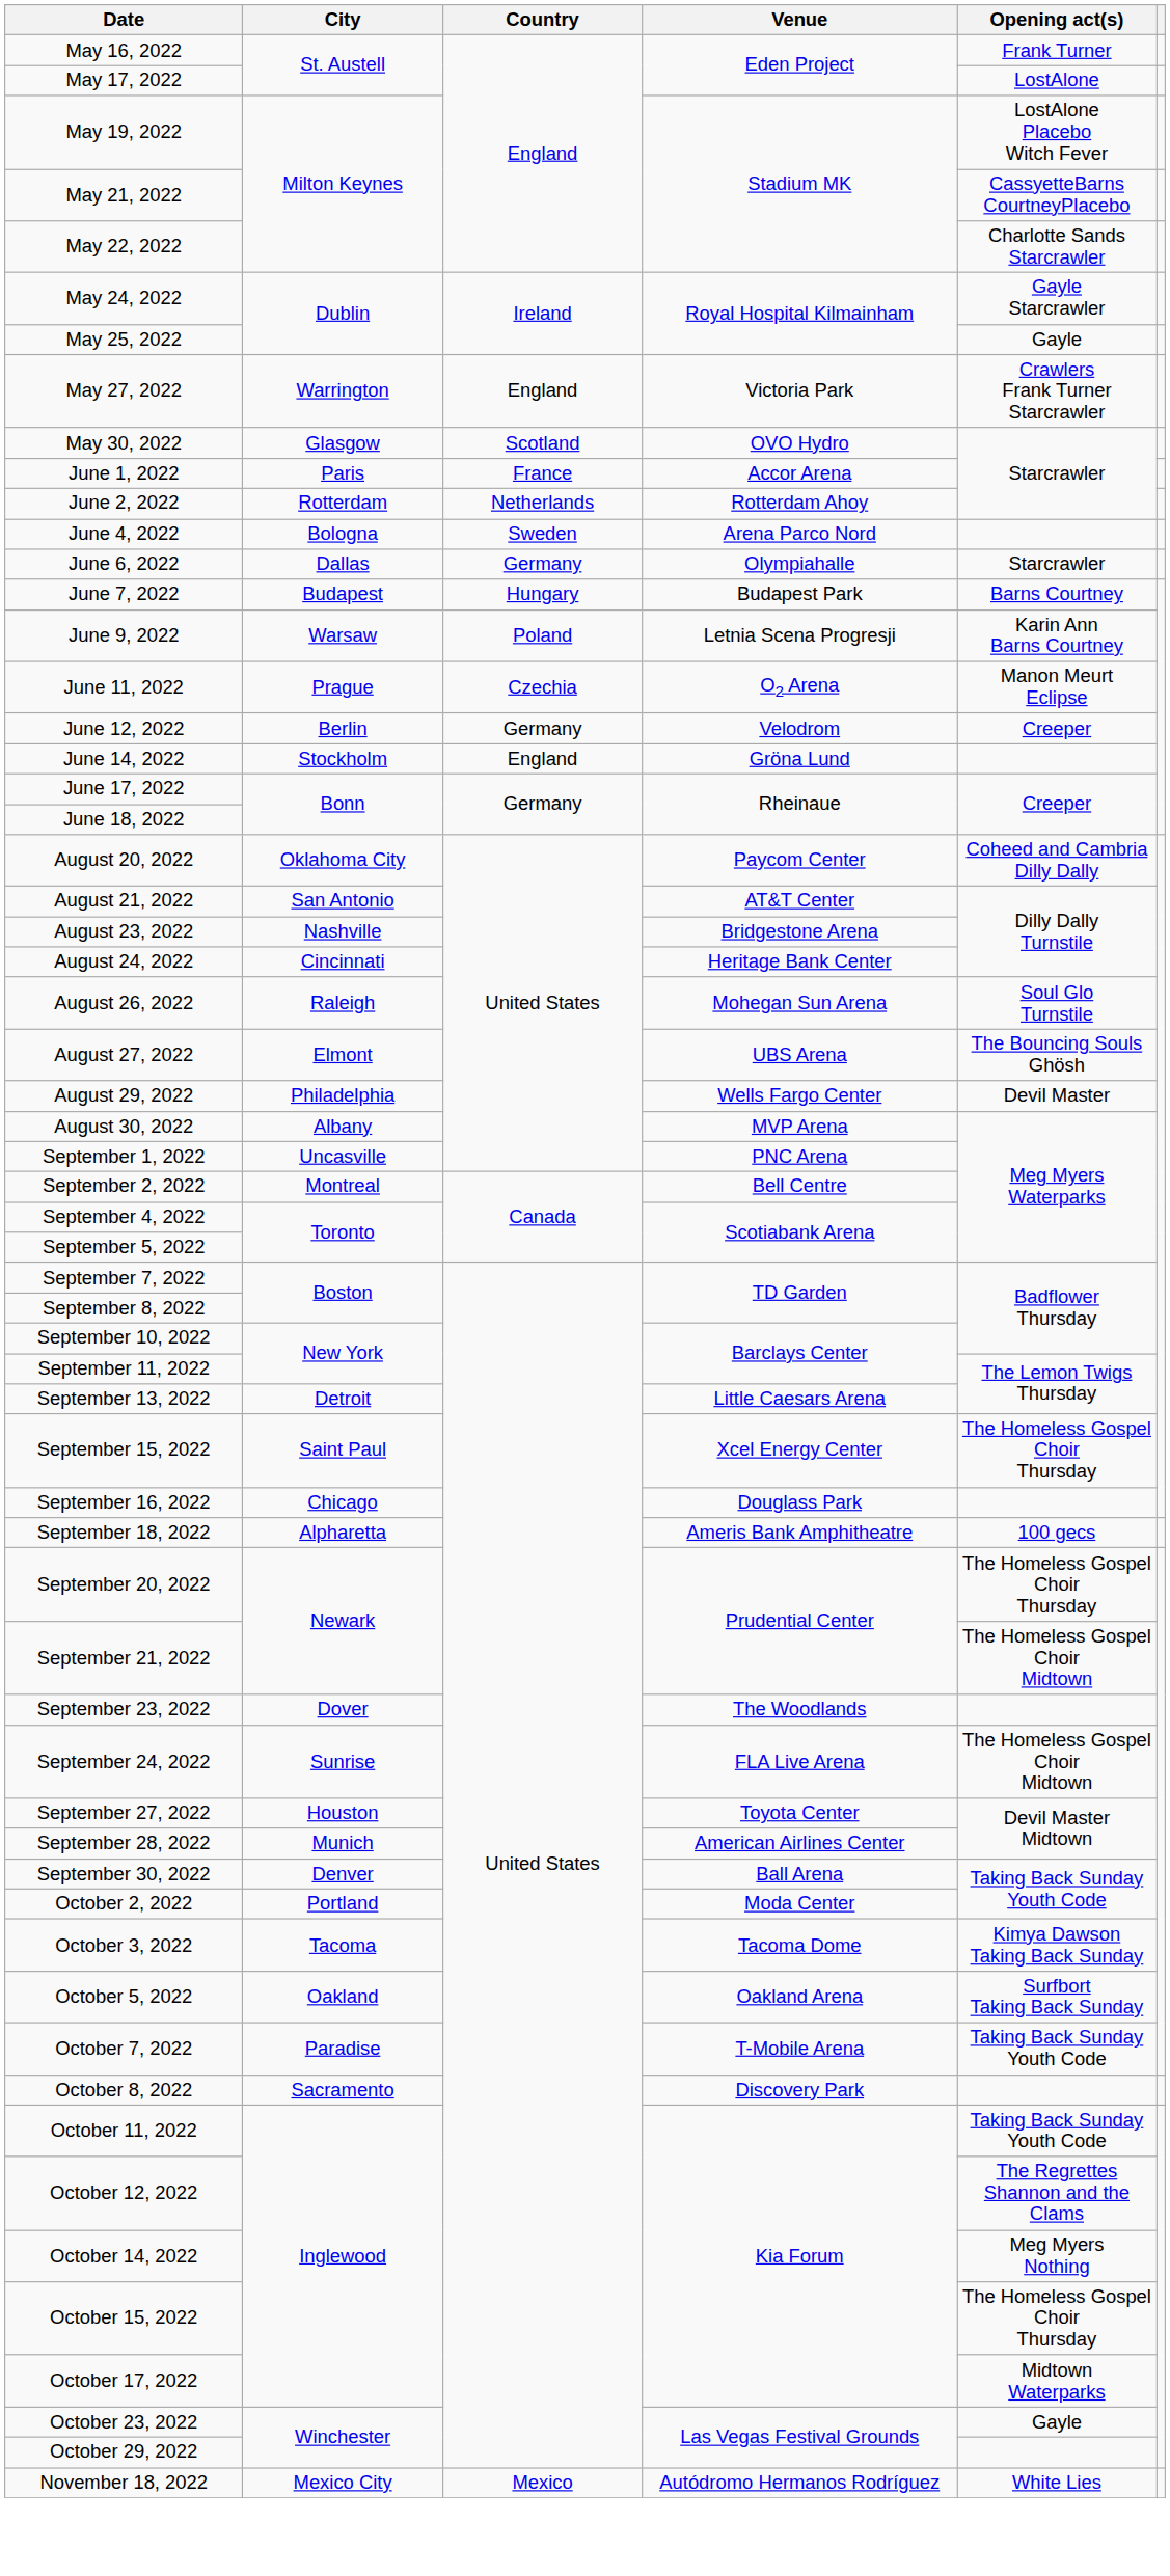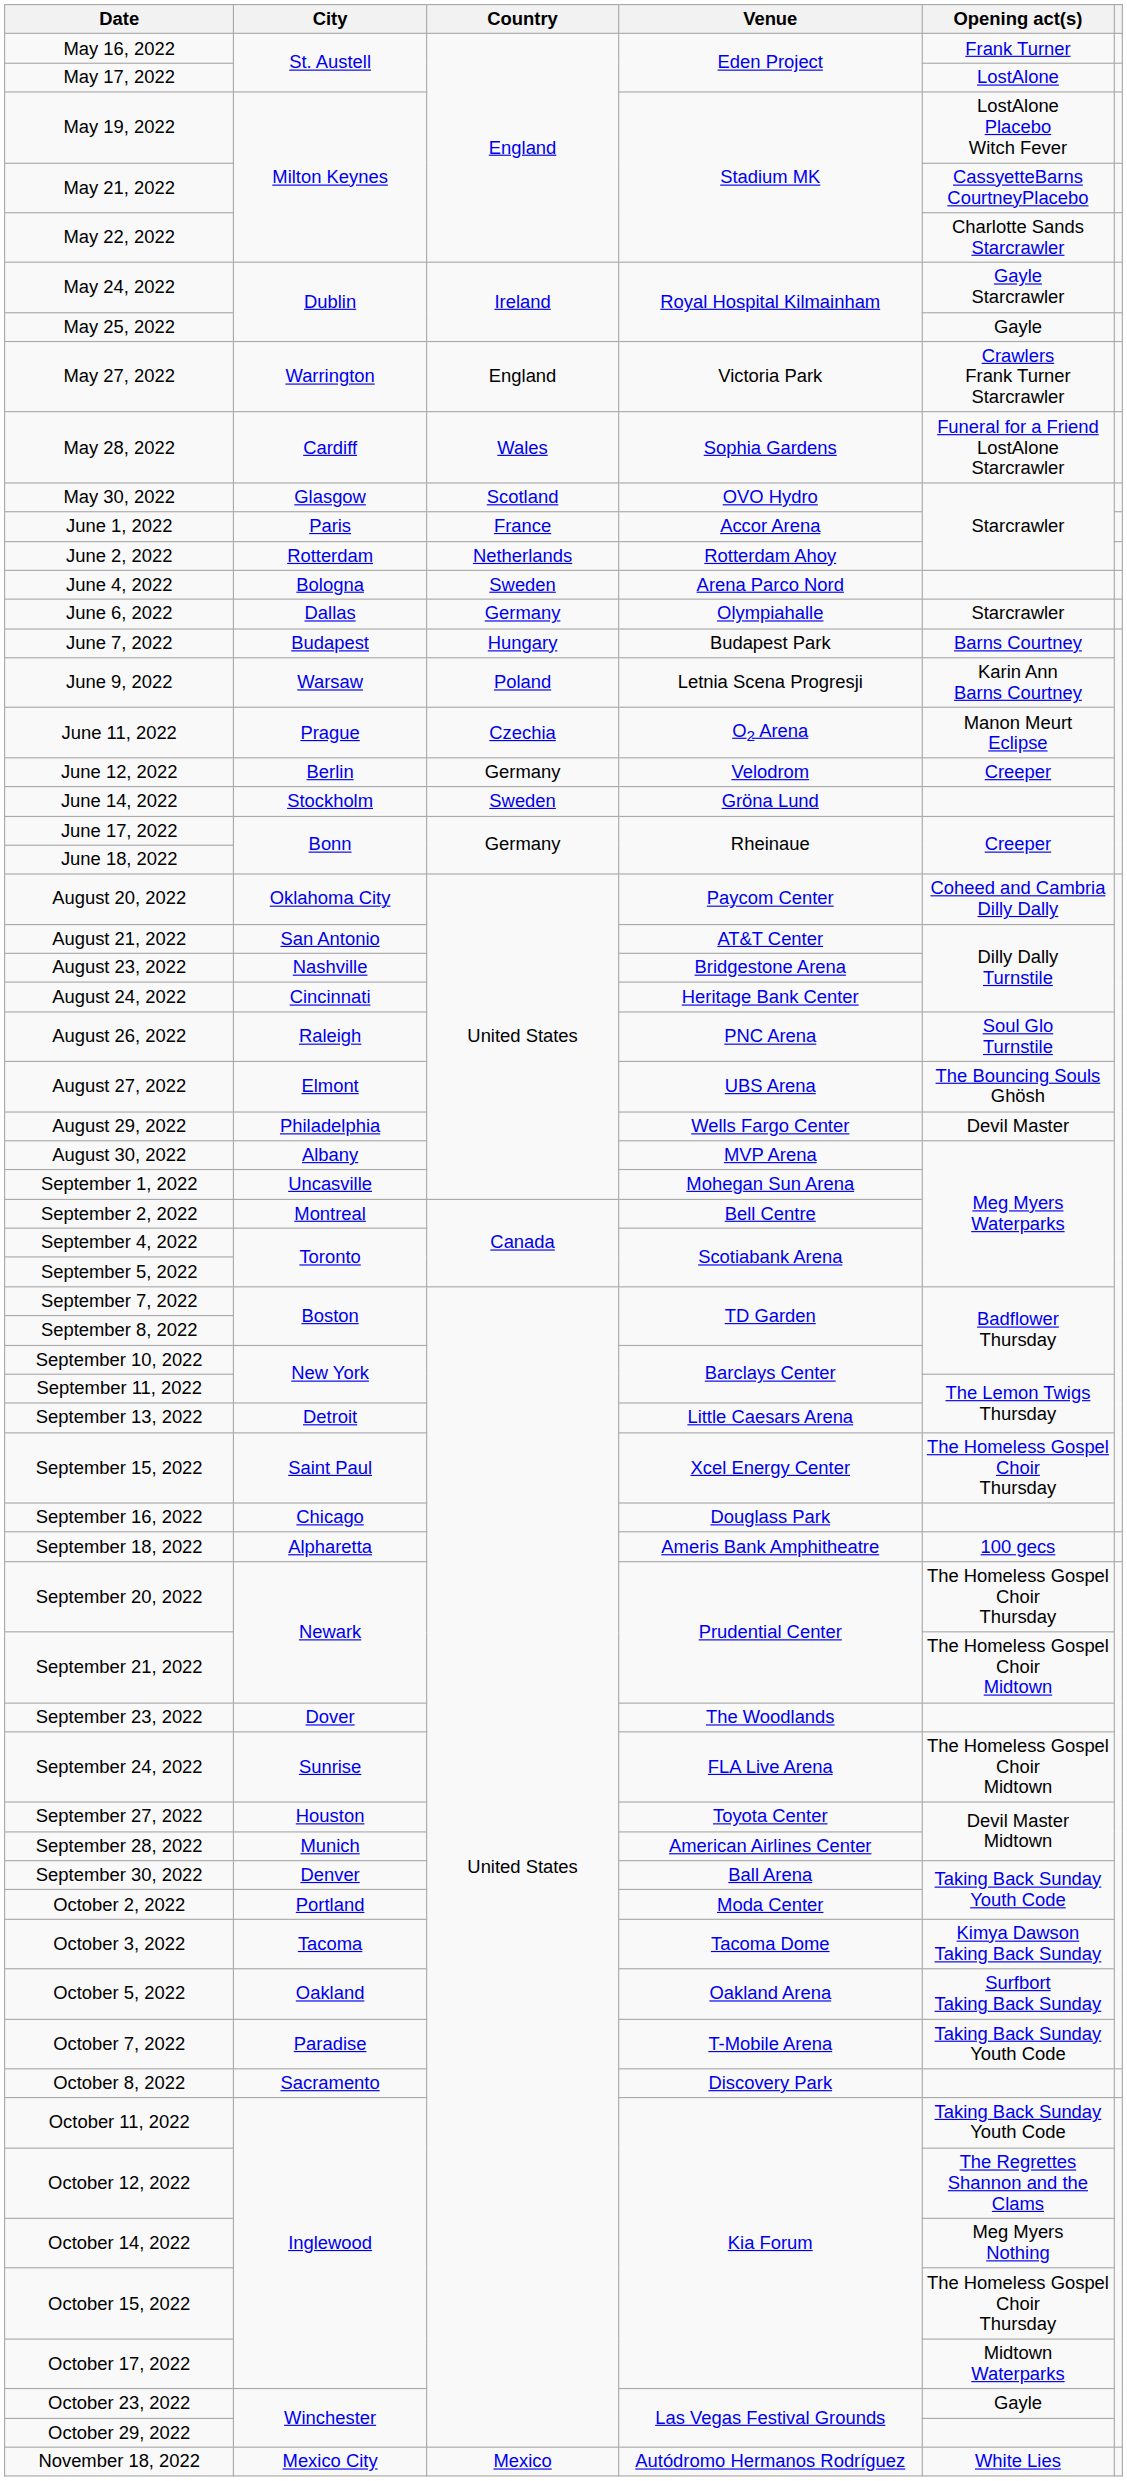 <table class="wikitable plainrowheaders" style="text-align:center;">
 <tr>
 <th scope="col" style="width:12em;">Date</th>
 <th scope="col" style="width:10em;">City</th>
 <th scope="col" style="width:10em;">Country</th>
 <th scope="col" style="width:16em;">Venue</th>
 <th scope="col" style="width:10em;">Opening act(s)</th>
 <th></th>
 </tr>
 <tr>
 <td>May 16, 2022</td>
 <td rowspan="2"><a href='#'>St. Austell</a></td>
 <td rowspan="5"><a href='#'>England</a></td>
 <td rowspan="2"><a href='#'>Eden Project</a></td>
 <td><a href='#'>Frank Turner</a></td>
 <td></td>
 </tr>
 <tr>
 <td>May 17, 2022</td>
 <td><a href='#'>LostAlone</a></td>
 <td></td>
 </tr>
 <tr>
 <td>May 19, 2022</td>
 <td rowspan="3"><a href='#'>Milton Keynes</a></td>
 <td rowspan="3"><a href='#'>Stadium MK</a></td>
 <td>LostAlone<br><a href='#'>Placebo</a><br>Witch Fever</td>
 <td></td>
 </tr>
 <tr>
 <td>May 21, 2022</td>
 <td><a href='#'>Cassyette</a><a href='#'>Barns Courtney</a><a href='#'>Placebo</a></td>
 <td></td>
 </tr>
 <tr>
 <td>May 22, 2022</td>
 <td>Charlotte Sands<br><a href='#'>Starcrawler</a></td>
 <td></td>
 </tr>
 <tr>
 <td>May 24, 2022</td>
 <td rowspan="2"><a href='#'>Dublin</a></td>
 <td rowspan="2"><a href='#'>Ireland</a></td>
 <td rowspan="2"><a href='#'>Royal Hospital Kilmainham</a></td>
 <td><a href='#'>Gayle</a><br>Starcrawler</td>
 <td></td>
 </tr>
 <tr>
 <td>May 25, 2022</td>
 <td>Gayle</td>
 <td></td>
 </tr>
 <tr>
 <td>May 27, 2022</td>
 <td><a href='#'>Warrington</a></td>
 <td>England</td>
 <td>Victoria Park</td>
 <td><a href='#'>Crawlers</a><br>Frank Turner<br>Starcrawler</td>
+<td></td>
+</tr>
+<tr>
+<td>May 28, 2022</td>
+<td><a href='#'>Cardiff</a></td>
+<td><a href='#'>Wales</a></td>
+<td><a href='#'>Sophia Gardens</a></td>
+<td><a href='#'>Funeral for a Friend</a><br>LostAlone<br>Starcrawler</td>
 <td></td>
 </tr>
 <tr>
 <td>May 30, 2022</td>
 <td><a href='#'>Glasgow</a></td>
 <td><a href='#'>Scotland</a></td>
 <td><a href='#'>OVO Hydro</a></td>
 <td rowspan="3">Starcrawler</td>
 <td></td>
 </tr>
 <tr>
 <td>June 1, 2022</td>
 <td><a href='#'>Paris</a></td>
 <td><a href='#'>France</a></td>
 <td><a href='#'>Accor Arena</a></td>
 <td></td>
 </tr>
 <tr>
 <td>June 2, 2022</td>
 <td><a href='#'>Rotterdam</a></td>
 <td><a href='#'>Netherlands</a></td>
 <td><a href='#'>Rotterdam Ahoy</a></td>
 <td></td>
 </tr>
 <tr>
 <td>June 4, 2022</td>
 <td><a href='#'>Bologna</a></td>
 <td><a href='#'>Sweden</a></td>
 <td><a href='#'>Arena Parco Nord</a></td>
 <td></td>
 <td></td>
 </tr>
 <tr>
 <td>June 6, 2022</td>
 <td><a href='#'>Dallas</a></td>
 <td><a href='#'>Germany</a></td>
 <td><a href='#'>Olympiahalle</a></td>
 <td>Starcrawler</td>
 <td></td>
 </tr>
 <tr>
 <td>June 7, 2022</td>
 <td><a href='#'>Budapest</a></td>
 <td><a href='#'>Hungary</a></td>
 <td>Budapest Park</td>
 <td><a href='#'>Barns Courtney</a></td>
 <td rowspan="7"></td>
 </tr>
 <tr>
 <td>June 9, 2022</td>
 <td><a href='#'>Warsaw</a></td>
 <td><a href='#'>Poland</a></td>
 <td>Letnia Scena Progresji</td>
 <td>Karin Ann<br><a href='#'>Barns Courtney</a></td>
 </tr>
 <tr>
 <td>June 11, 2022</td>
 <td><a href='#'>Prague</a></td>
 <td><a href='#'>Czechia</a></td>
 <td><a href='#'>O<sub>2</sub> Arena</a></td>
 <td>Manon Meurt<br><a href='#'>Eclipse</a></td>
 </tr>
 <tr>
 <td>June 12, 2022</td>
 <td><a href='#'>Berlin</a></td>
 <td>Germany</td>
 <td><a href='#'>Velodrom</a></td>
 <td><a href='#'>Creeper</a></td>
 </tr>
 <tr>
 <td>June 14, 2022</td>
 <td><a href='#'>Stockholm</a></td>
-<td>England</td>
+<td><a href='#'>Sweden</a></td>
 <td><a href='#'>Gröna Lund</a></td>
 <td></td>
 </tr>
 <tr>
 <td>June 17, 2022</td>
 <td rowspan="2"><a href='#'>Bonn</a></td>
 <td rowspan="2">Germany</td>
 <td rowspan="2">Rheinaue</td>
 <td rowspan="2"><a href='#'>Creeper</a></td>
 </tr>
 <tr>
 <td>June 18, 2022</td>
 </tr>
 <tr>
 <td>August 20, 2022</td>
 <td><a href='#'>Oklahoma City</a></td>
 <td rowspan="9">United States</td>
 <td><a href='#'>Paycom Center</a></td>
 <td><a href='#'>Coheed and Cambria</a><br><a href='#'>Dilly Dally</a></td>
 <td rowspan="19"></td>
 </tr>
 <tr>
 <td>August 21, 2022</td>
 <td><a href='#'>San Antonio</a></td>
 <td><a href='#'>AT&T Center</a></td>
 <td rowspan="3">Dilly Dally<br><a href='#'>Turnstile</a></td>
 </tr>
 <tr>
 <td>August 23, 2022</td>
 <td><a href='#'>Nashville</a></td>
 <td><a href='#'>Bridgestone Arena</a></td>
 </tr>
 <tr>
 <td>August 24, 2022</td>
 <td><a href='#'>Cincinnati</a></td>
 <td><a href='#'>Heritage Bank Center</a></td>
 </tr>
 <tr>
 <td>August 26, 2022</td>
 <td><a href='#'>Raleigh</a></td>
-<td><a href='#'>Mohegan Sun Arena</a></td>
+<td><a href='#'>PNC Arena</a></td>
 <td><a href='#'>Soul Glo</a><br><a href='#'>Turnstile</a></td>
 </tr>
 <tr>
 <td>August 27, 2022</td>
 <td><a href='#'>Elmont</a></td>
 <td><a href='#'>UBS Arena</a></td>
 <td><a href='#'>The Bouncing Souls</a><br>Ghösh</td>
 </tr>
 <tr>
 <td>August 29, 2022</td>
 <td><a href='#'>Philadelphia</a></td>
 <td><a href='#'>Wells Fargo Center</a></td>
 <td>Devil Master</td>
 </tr>
 <tr>
 <td>August 30, 2022</td>
 <td><a href='#'>Albany</a></td>
 <td><a href='#'>MVP Arena</a></td>
 <td rowspan="5"><a href='#'>Meg Myers</a><br><a href='#'>Waterparks</a></td>
 </tr>
 <tr>
 <td>September 1, 2022</td>
 <td><a href='#'>Uncasville</a></td>
-<td><a href='#'>PNC Arena</a></td>
+<td><a href='#'>Mohegan Sun Arena</a></td>
 </tr>
 <tr>
 <td>September 2, 2022</td>
 <td><a href='#'>Montreal</a></td>
 <td rowspan="3"><a href='#'>Canada</a></td>
 <td><a href='#'>Bell Centre</a></td>
 </tr>
 <tr>
 <td>September 4, 2022</td>
 <td rowspan="2"><a href='#'>Toronto</a></td>
 <td rowspan="2"><a href='#'>Scotiabank Arena</a></td>
 </tr>
 <tr>
 <td>September 5, 2022</td>
 </tr>
 <tr>
 <td>September 7, 2022</td>
 <td rowspan="2"><a href='#'>Boston</a></td>
 <td rowspan="27">United States</td>
 <td rowspan="2"><a href='#'>TD Garden</a></td>
 <td rowspan="3"><a href='#'>Badflower</a><br>Thursday</td>
 </tr>
 <tr>
 <td>September 8, 2022</td>
 </tr>
 <tr>
 <td>September 10, 2022</td>
 <td rowspan="2"><a href='#'>New York</a></td>
 <td rowspan="2"><a href='#'>Barclays Center</a></td>
 </tr>
 <tr>
 <td>September 11, 2022</td>
 <td rowspan="2"><a href='#'>The Lemon Twigs</a><br>Thursday</td>
 </tr>
 <tr>
 <td>September 13, 2022</td>
 <td><a href='#'>Detroit</a></td>
 <td><a href='#'>Little Caesars Arena</a></td>
 </tr>
 <tr>
 <td>September 15, 2022</td>
 <td><a href='#'>Saint Paul</a></td>
 <td><a href='#'>Xcel Energy Center</a></td>
 <td><a href='#'>The Homeless Gospel Choir</a><br>Thursday</td>
 </tr>
 <tr>
 <td>September 16, 2022</td>
 <td><a href='#'>Chicago</a></td>
 <td><a href='#'>Douglass Park</a></td>
 <td></td>
 </tr>
 <tr>
 <td>September 18, 2022</td>
 <td><a href='#'>Alpharetta</a></td>
 <td><a href='#'>Ameris Bank Amphitheatre</a></td>
 <td><a href='#'>100 gecs</a></td>
 <td></td>
 </tr>
 <tr>
 <td>September 20, 2022</td>
 <td rowspan="2"><a href='#'>Newark</a></td>
 <td rowspan="2"><a href='#'>Prudential Center</a></td>
 <td>The Homeless Gospel Choir<br>Thursday</td>
 <td rowspan="11"></td>
 </tr>
 <tr>
 <td>September 21, 2022</td>
 <td>The Homeless Gospel Choir<br><a href='#'>Midtown</a></td>
 </tr>
 <tr>
 <td>September 23, 2022</td>
 <td><a href='#'>Dover</a></td>
 <td><a href='#'>The Woodlands</a></td>
 <td></td>
 </tr>
 <tr>
 <td>September 24, 2022</td>
 <td><a href='#'>Sunrise</a></td>
 <td><a href='#'>FLA Live Arena</a></td>
 <td>The Homeless Gospel Choir<br>Midtown</td>
 </tr>
 <tr>
 <td>September 27, 2022</td>
 <td><a href='#'>Houston</a></td>
 <td><a href='#'>Toyota Center</a></td>
 <td rowspan="2">Devil Master<br>Midtown</td>
 </tr>
 <tr>
 <td>September 28, 2022</td>
 <td><a href='#'>Munich</a></td>
 <td><a href='#'>American Airlines Center</a></td>
 </tr>
 <tr>
 <td>September 30, 2022</td>
 <td><a href='#'>Denver</a></td>
 <td><a href='#'>Ball Arena</a></td>
 <td rowspan="2"><a href='#'>Taking Back Sunday</a><br><a href='#'>Youth Code</a></td>
 </tr>
 <tr>
 <td>October 2, 2022</td>
 <td><a href='#'>Portland</a></td>
 <td><a href='#'>Moda Center</a></td>
 </tr>
 <tr>
 <td>October 3, 2022</td>
 <td><a href='#'>Tacoma</a></td>
 <td><a href='#'>Tacoma Dome</a></td>
 <td><a href='#'>Kimya Dawson</a><br><a href='#'>Taking Back Sunday</a></td>
 </tr>
 <tr>
 <td>October 5, 2022</td>
 <td><a href='#'>Oakland</a></td>
 <td><a href='#'>Oakland Arena</a></td>
 <td><a href='#'>Surfbort</a><br><a href='#'>Taking Back Sunday</a></td>
 </tr>
 <tr>
 <td>October 7, 2022</td>
 <td><a href='#'>Paradise</a></td>
 <td><a href='#'>T-Mobile Arena</a></td>
 <td><a href='#'>Taking Back Sunday</a><br>Youth Code</td>
 </tr>
 <tr>
 <td>October 8, 2022</td>
 <td><a href='#'>Sacramento</a></td>
 <td><a href='#'>Discovery Park</a></td>
 <td></td>
 <td></td>
 </tr>
 <tr>
 <td>October 11, 2022</td>
 <td rowspan="5"><a href='#'>Inglewood</a></td>
 <td rowspan="5"><a href='#'>Kia Forum</a></td>
 <td><a href='#'>Taking Back Sunday</a><br>Youth Code</td>
 <td rowspan="7"></td>
 </tr>
 <tr>
 <td>October 12, 2022</td>
 <td><a href='#'>The Regrettes</a><br><a href='#'>Shannon and the Clams</a></td>
 </tr>
 <tr>
 <td>October 14, 2022</td>
 <td>Meg Myers<br><a href='#'>Nothing</a></td>
 </tr>
 <tr>
 <td>October 15, 2022</td>
 <td>The Homeless Gospel Choir<br>Thursday</td>
 </tr>
 <tr>
 <td>October 17, 2022</td>
 <td>Midtown<br><a href='#'>Waterparks</a></td>
 </tr>
 <tr>
 <td>October 23, 2022</td>
 <td rowspan="2"><a href='#'>Winchester</a></td>
 <td rowspan="2"><a href='#'>Las Vegas Festival Grounds</a></td>
 <td>Gayle</td>
 </tr>
 <tr>
 <td>October 29, 2022</td>
 </tr>
 <tr>
 <td>November 18, 2022</td>
 <td><a href='#'>Mexico City</a></td>
 <td><a href='#'>Mexico</a></td>
 <td><a href='#'>Autódromo Hermanos Rodríguez</a></td>
 <td><a href='#'>White Lies</a></td>
 <td></td>
 </tr>
 </table>
